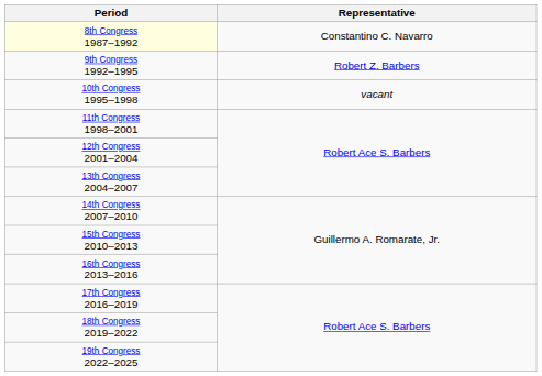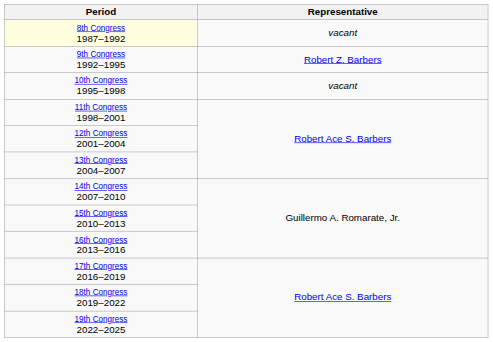 <table class="wikitable" style="text-align:center; width:40%;">
 <tr>
 <th width="40%">Period</th>
 <th>Representative</th>
 </tr>
 <tr>
 <td style="background: lightyellow;"><small><a href='#'>8th Congress</a></small><br>1987–1992</td>
-<td>Constantino C. Navarro</td>
+<td><em>vacant</em></td>
 </tr>
 <tr>
 <td><small><a href='#'>9th Congress</a></small><br>1992–1995</td>
 <td rowspan="2"><a href='#'>Robert Z. Barbers</a></td>
 </tr>
 <tr>
 <td rowspan="2"><small><a href='#'>10th Congress</a></small><br>1995–1998</td>
 </tr>
 <tr>
 <td><em>vacant</em></td>
 </tr>
 <tr>
 <td><small><a href='#'>11th Congress</a></small><br>1998–2001</td>
 <td rowspan="3"><a href='#'>Robert Ace S. Barbers</a></td>
 </tr>
 <tr>
 <td><small><a href='#'>12th Congress</a></small><br>2001–2004</td>
 </tr>
 <tr>
 <td><small><a href='#'>13th Congress</a></small><br>2004–2007</td>
 </tr>
 <tr>
 <td><small><a href='#'>14th Congress</a></small><br>2007–2010</td>
 <td rowspan="3">Guillermo A. Romarate, Jr.</td>
 </tr>
 <tr>
 <td><small><a href='#'>15th Congress</a></small><br>2010–2013</td>
 </tr>
 <tr>
 <td><small><a href='#'>16th Congress</a></small><br>2013–2016</td>
 </tr>
 <tr>
 <td><small><a href='#'>17th Congress</a></small><br>2016–2019</td>
 <td rowspan="3"><a href='#'>Robert Ace S. Barbers</a></td>
 </tr>
 <tr>
 <td><small><a href='#'>18th Congress</a></small><br>2019–2022</td>
 </tr>
 <tr>
 <td><small><a href='#'>19th Congress</a></small><br>2022–2025</td>
 </tr>
 </table>
